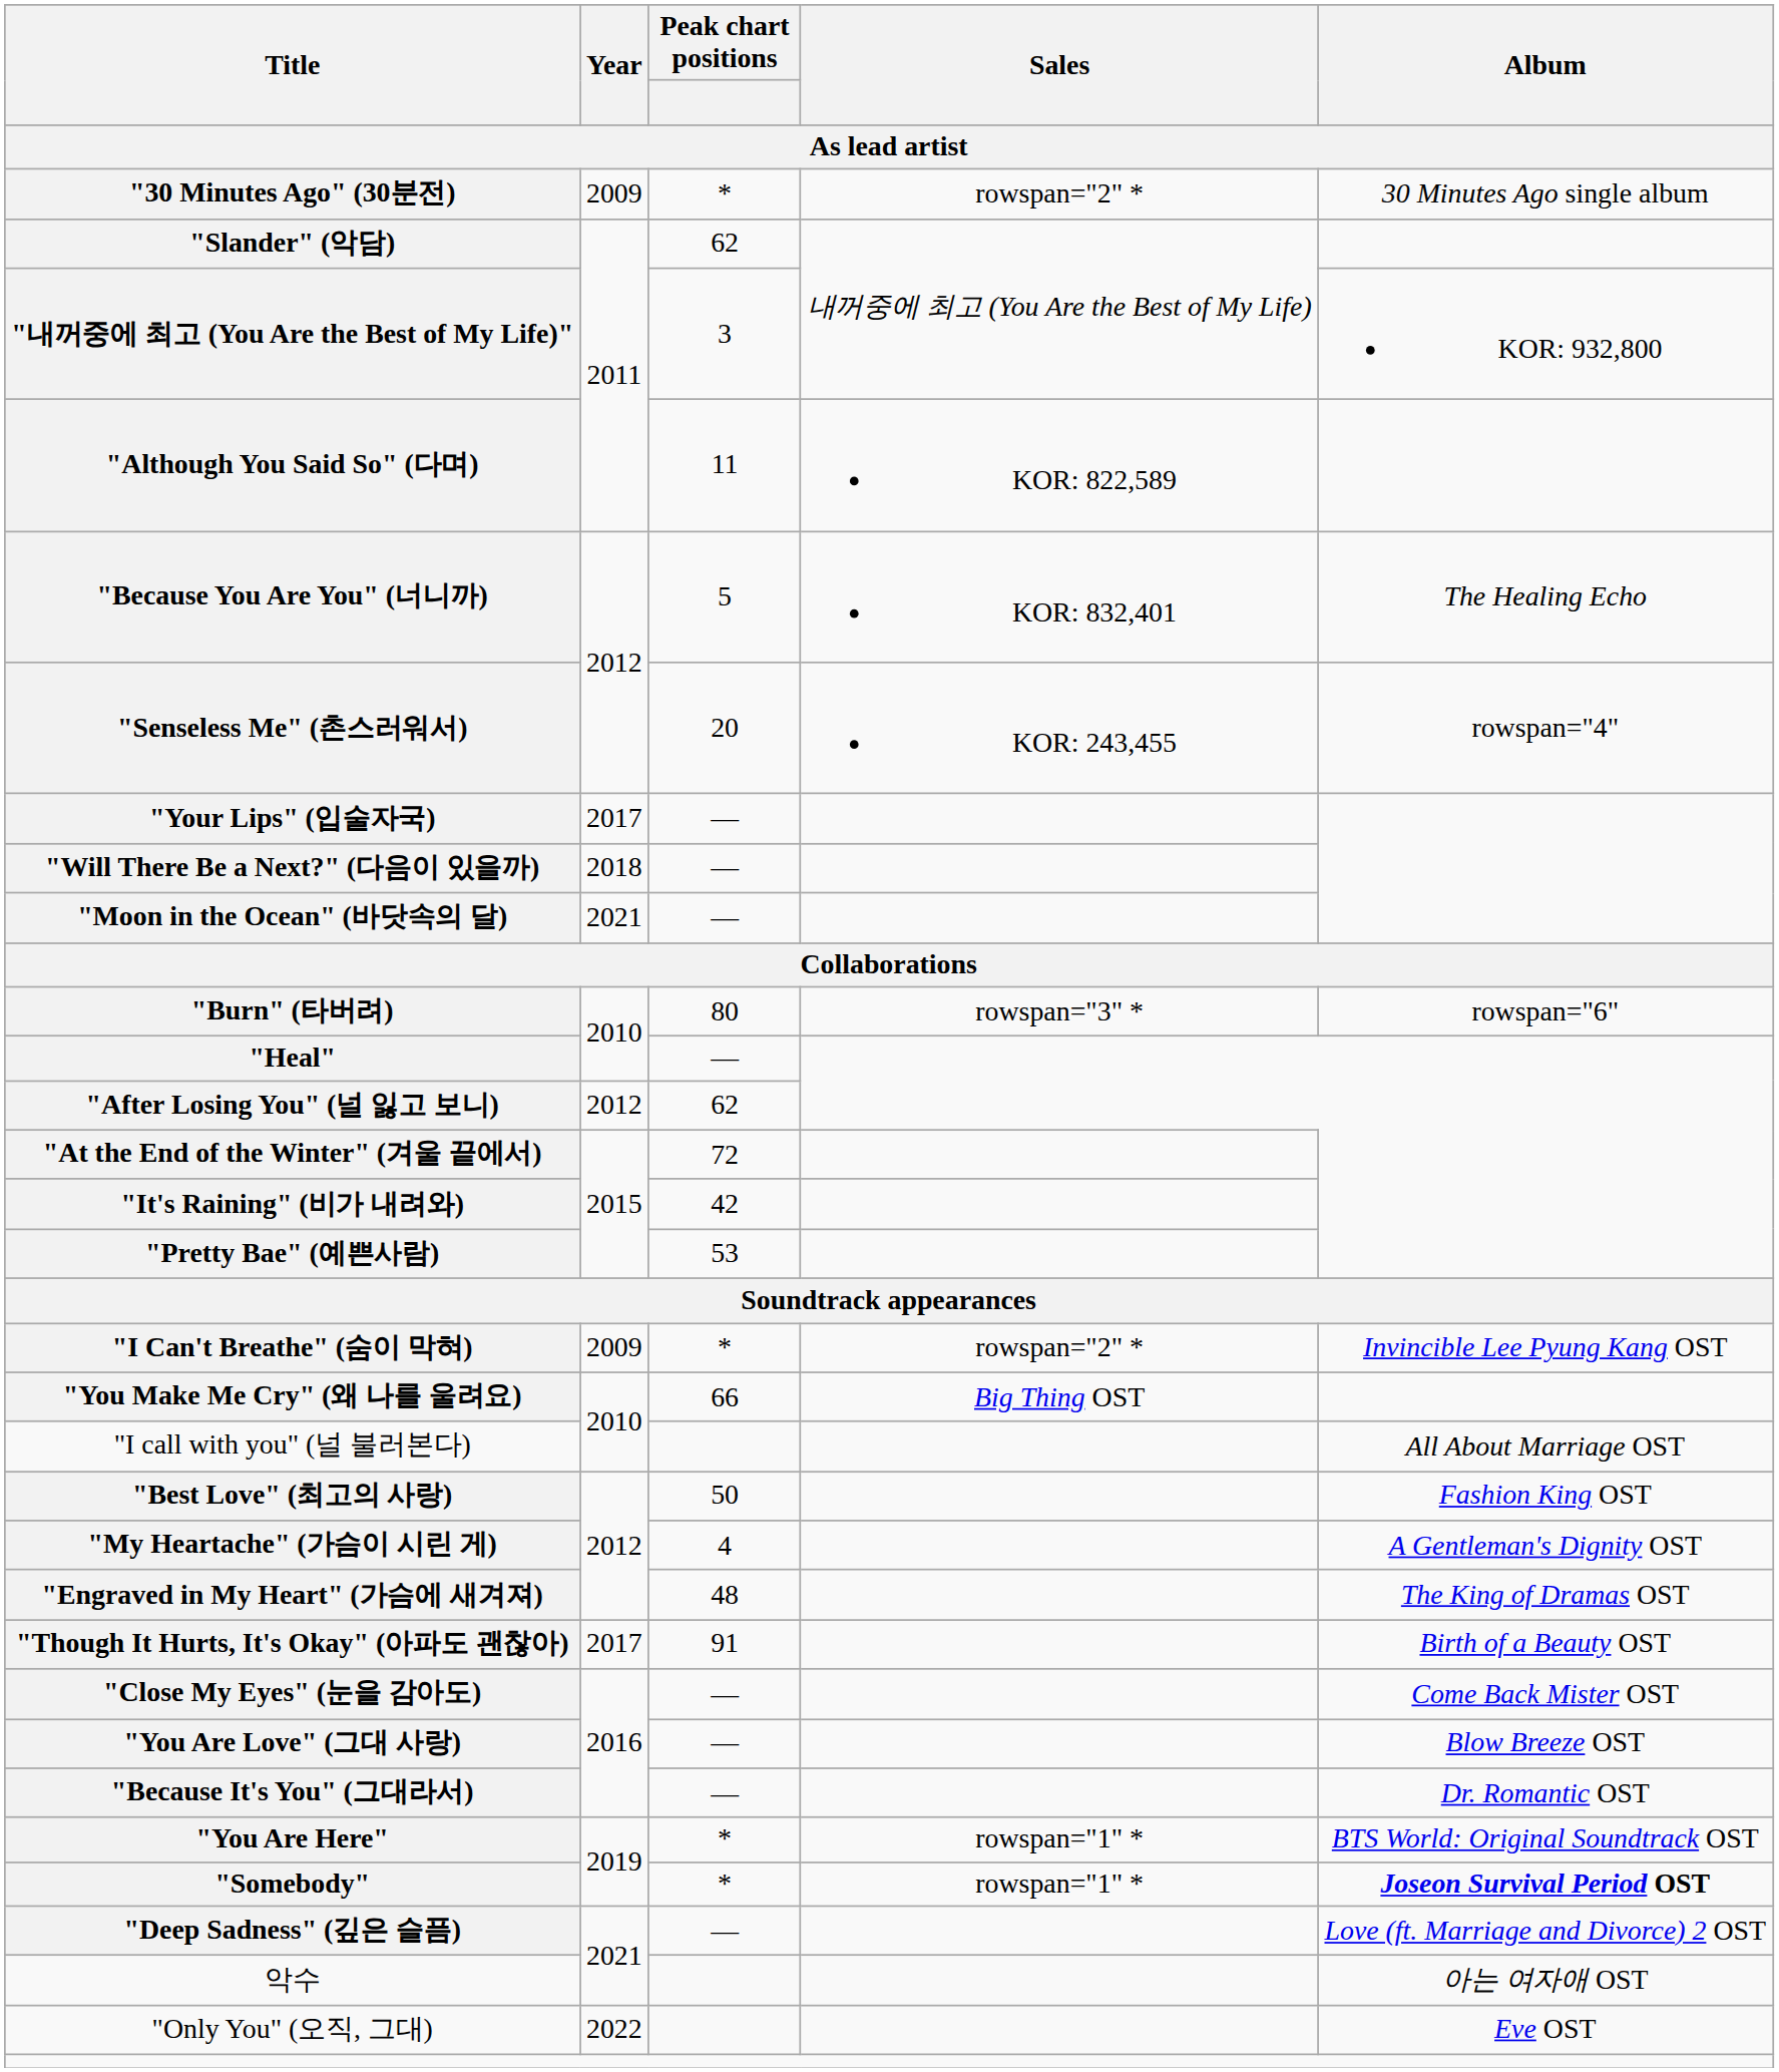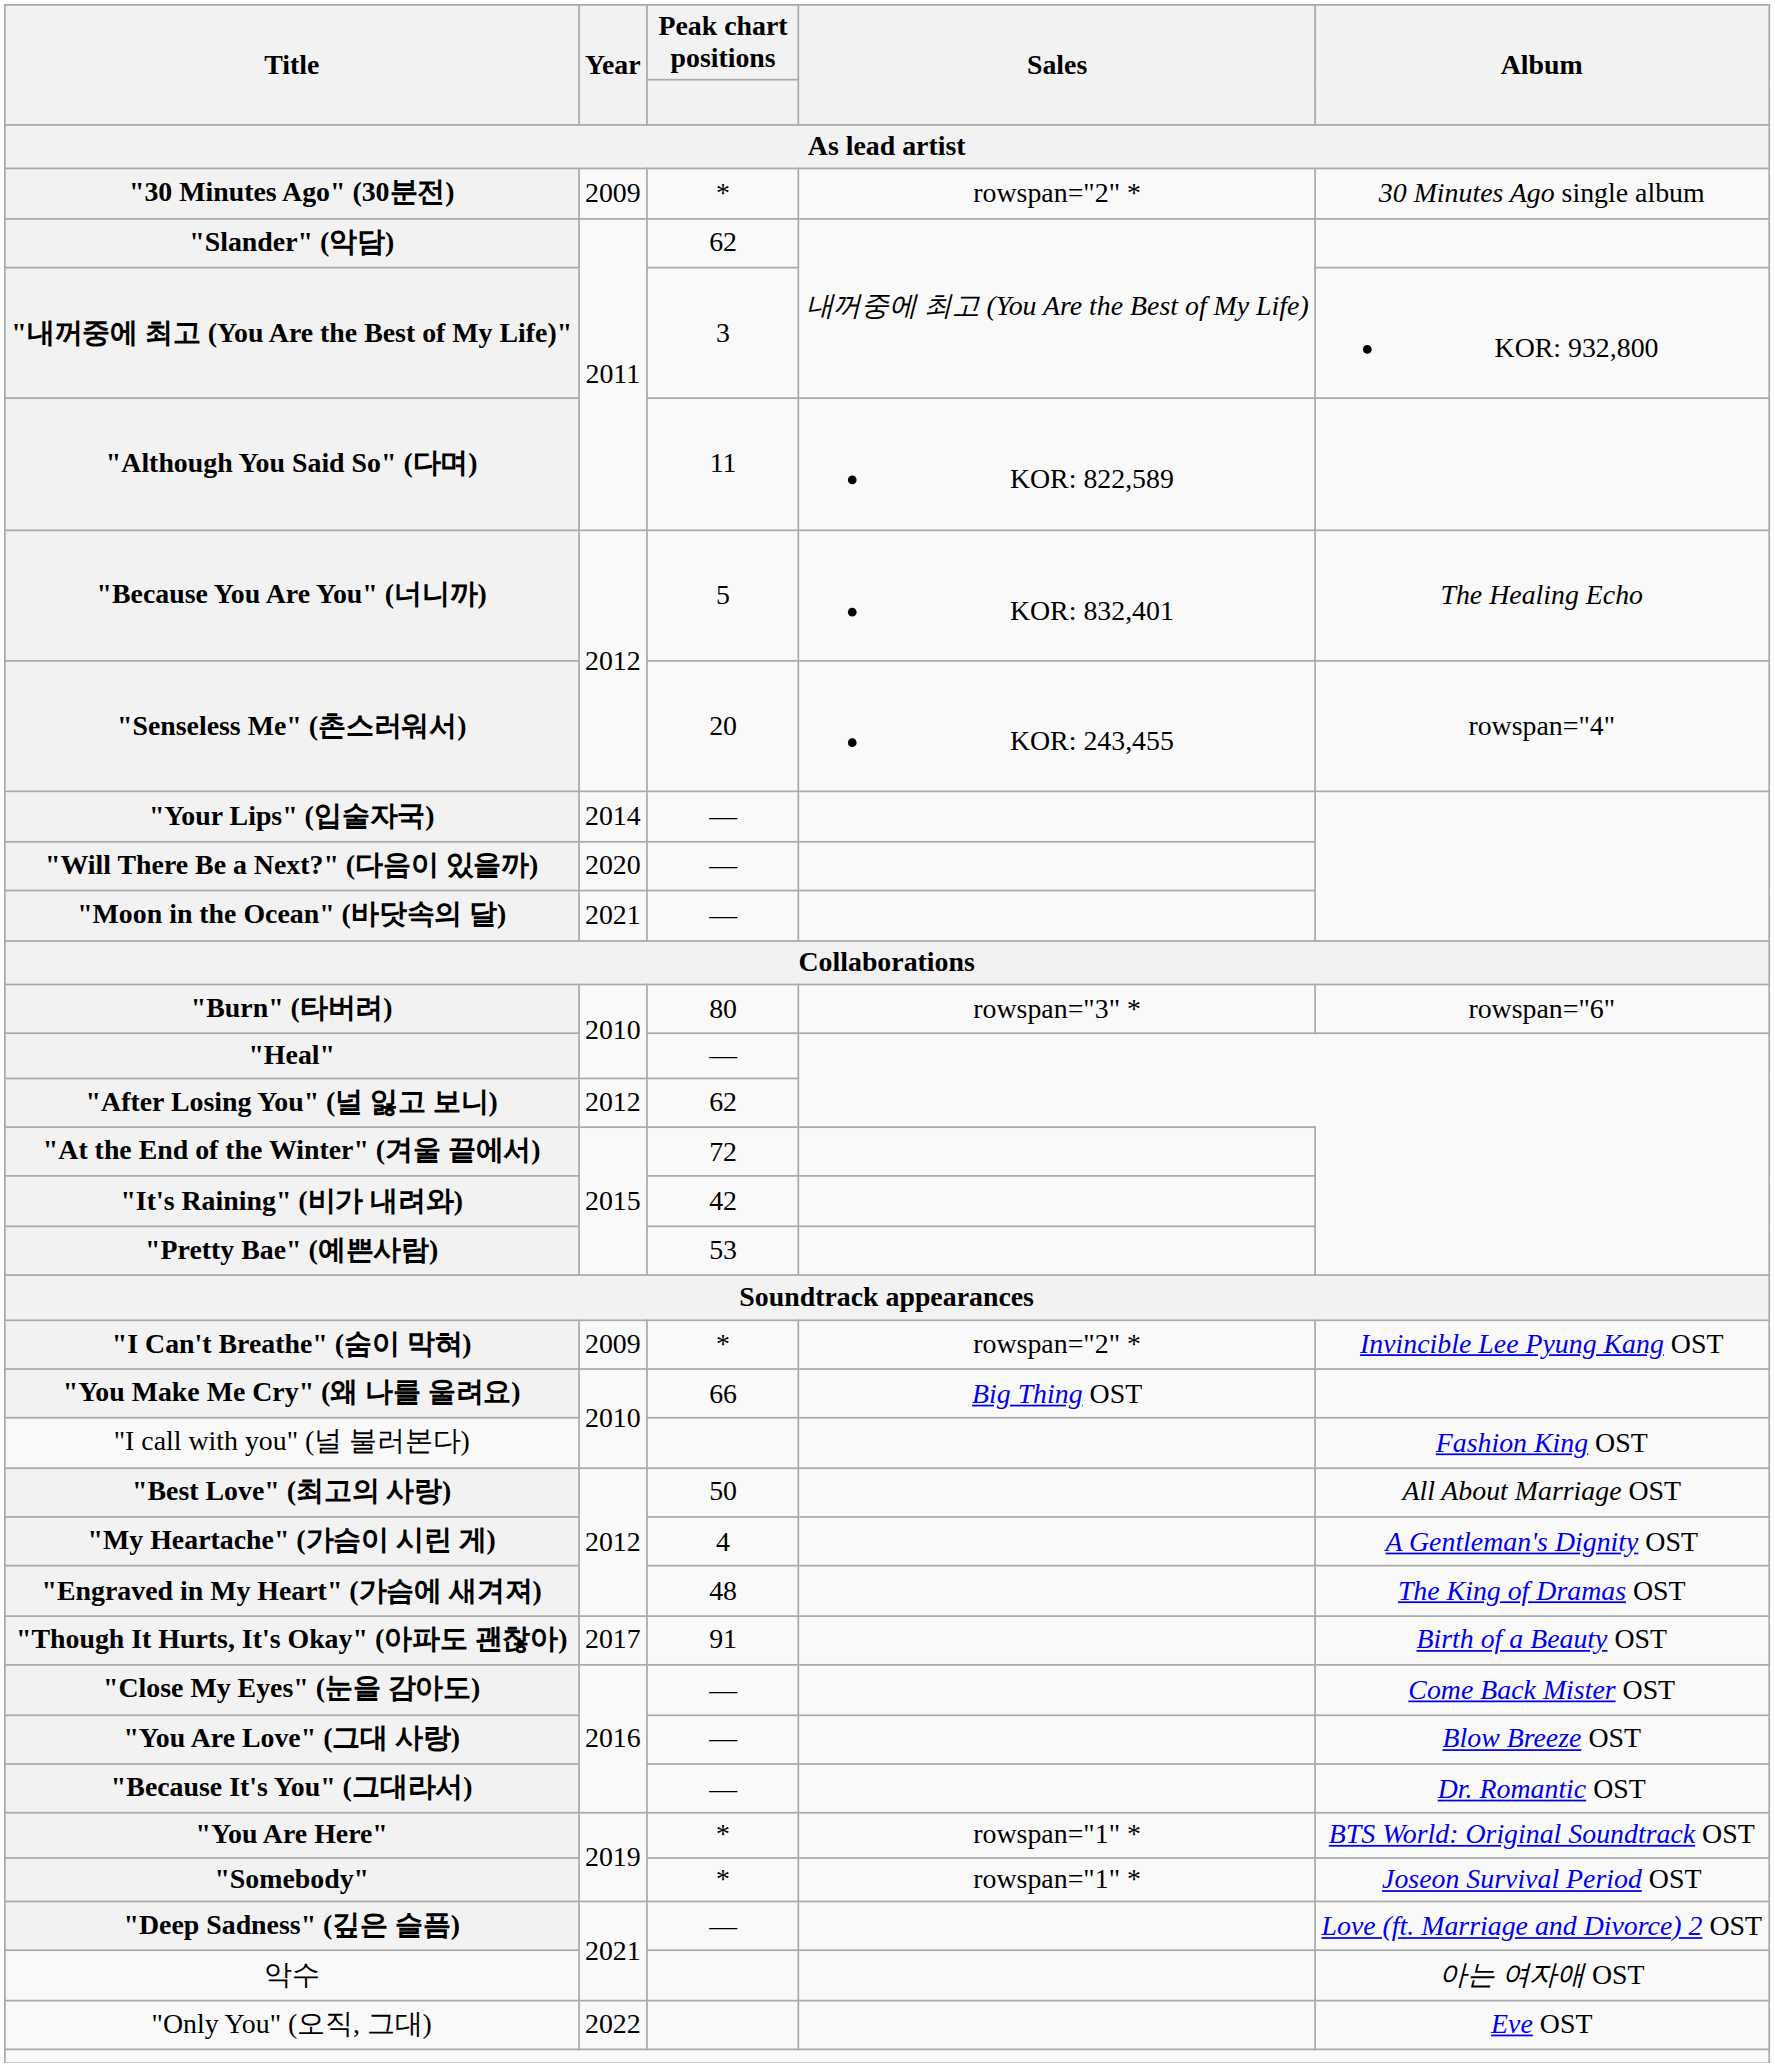 <table class="wikitable plainrowheaders" style="text-align:center;">
 <tr>
 <th scope="col" rowspan="2">Title</th>
 <th scope="col" rowspan="2">Year</th>
 <th scope="col" colspan="1" style="width:5em;">Peak chart positions</th>
 <th scope="col" rowspan="2">Sales</th>
 <th scope="col" rowspan="2">Album</th>
 </tr>
 <tr>
 <th><br></th>
 </tr>
 <tr>
 <th scope="col" colspan="5">As lead artist</th>
 </tr>
 <tr>
 <th scope="row">"30 Minutes Ago" (30분전)<br></th>
 <td>2009</td>
 <td>*</td>
 <td>rowspan="2" *</td>
 <td><em>30 Minutes Ago</em> single album</td>
 </tr>
 <tr>
 <th scope="row">"Slander" (악담)</th>
 <td rowspan="3">2011</td>
 <td>62</td>
 <td rowspan="2"><em>내꺼중에 최고 (You Are the Best of My Life)</em></td>
 </tr>
 <tr>
 <th scope="row">"내꺼중에 최고 (You Are the Best of My Life)"</th>
 <td>3</td>
 <td><br><ul><li>KOR: 932,800</li></ul></td>
 </tr>
 <tr>
 <th scope="row">"Although You Said So" (다며)<br></th>
 <td>11</td>
 <td><br><ul><li>KOR: 822,589</li></ul></td>
 <td></td>
 </tr>
 <tr>
 <th scope="row">"Because You Are You" (너니까)</th>
 <td rowspan="2">2012</td>
 <td>5</td>
 <td><br><ul><li>KOR: 832,401</li></ul></td>
 <td><em>The Healing Echo</em></td>
 </tr>
 <tr>
 <th scope="row">"Senseless Me" (촌스러워서)</th>
 <td>20</td>
 <td><br><ul><li>KOR: 243,455</li></ul></td>
 <td>rowspan="4" </td>
 </tr>
 <tr>
 <th scope="row">"Your Lips" (입술자국)</th>
-<td>2017</td>
+<td>2014</td>
 <td>—</td>
 <td></td>
 </tr>
 <tr>
 <th scope="row">"Will There Be a Next?" (다음이 있을까)</th>
-<td>2018</td>
+<td>2020</td>
 <td>—</td>
 <td></td>
 </tr>
 <tr>
 <th scope="row">"Moon in the Ocean" (바닷속의 달)</th>
 <td>2021</td>
 <td>—</td>
 <td></td>
 </tr>
 <tr>
 <th scope="col" colspan="5">Collaborations</th>
 </tr>
 <tr>
 <th scope="row">"Burn" (타버려)<br></th>
 <td rowspan="2">2010</td>
 <td>80</td>
 <td>rowspan="3" *</td>
 <td>rowspan="6" </td>
 </tr>
 <tr>
 <th scope="row">"Heal"<br></th>
 <td>—</td>
 </tr>
 <tr>
 <th scope="row">"After Losing You" (널 잃고 보니)<br></th>
 <td>2012</td>
 <td>62</td>
 </tr>
 <tr>
 <th scope="row">"At the End of the Winter" (겨울 끝에서)<br></th>
 <td rowspan="3">2015</td>
 <td>72</td>
 <td></td>
 </tr>
 <tr>
 <th scope="row">"It's Raining" (비가 내려와)<br></th>
 <td>42</td>
 <td></td>
 </tr>
 <tr>
 <th scope="row">"Pretty Bae" (예쁜사람)<br></th>
 <td>53</td>
 <td></td>
 </tr>
 <tr>
 <th scope="col" colspan="5">Soundtrack appearances</th>
 </tr>
 <tr>
 <th scope="row">"I Can't Breathe" (숨이 막혀)</th>
 <td>2009</td>
 <td>*</td>
 <td>rowspan="2" *</td>
 <td><em><a href='#'>Invincible Lee Pyung Kang</a></em> OST</td>
 </tr>
 <tr>
 <th scope="row">"You Make Me Cry" (왜 나를 울려요)</th>
 <td rowspan="2">2010</td>
 <td>66</td>
 <td><em><a href='#'>Big Thing</a></em> OST</td>
 </tr>
 <tr>
 <td>"I call with you" (널 불러본다)</td>
 <td></td>
 <td></td>
-<td><em>All About Marriage</em> OST</td>
+<td><em><a href='#'>Fashion King</a></em> OST</td>
 </tr>
 <tr>
 <th scope="row">"Best Love" (최고의 사랑)</th>
 <td rowspan="3">2012</td>
 <td>50</td>
 <td></td>
-<td><em><a href='#'>Fashion King</a></em> OST</td>
+<td><em>All About Marriage</em> OST</td>
 </tr>
 <tr>
 <th scope="row">"My Heartache" (가슴이 시린 게)</th>
 <td>4</td>
 <td></td>
 <td><em><a href='#'>A Gentleman's Dignity</a></em> OST</td>
 </tr>
 <tr>
 <th scope="row">"Engraved in My Heart" (가슴에 새겨져)</th>
 <td>48</td>
 <td></td>
 <td><em><a href='#'>The King of Dramas</a></em> OST</td>
 </tr>
 <tr>
 <th scope="row">"Though It Hurts, It's Okay" (아파도 괜찮아)</th>
 <td>2017</td>
 <td>91</td>
 <td></td>
 <td><em><a href='#'>Birth of a Beauty</a></em> OST</td>
 </tr>
 <tr>
 <th scope="row">"Close My Eyes" (눈을 감아도)</th>
 <td rowspan="3">2016</td>
 <td>—</td>
 <td></td>
 <td><em><a href='#'>Come Back Mister</a></em> OST</td>
 </tr>
 <tr>
 <th scope="row">"You Are Love" (그대 사랑)</th>
 <td>—</td>
 <td></td>
 <td><em><a href='#'>Blow Breeze</a></em> OST</td>
 </tr>
 <tr>
 <th scope="row">"Because It's You" (그대라서)</th>
 <td>—</td>
 <td></td>
 <td><em><a href='#'>Dr. Romantic</a></em> OST</td>
 </tr>
 <tr>
 <th scope="row">"You Are Here"</th>
 <td rowspan="2">2019</td>
 <td>*</td>
 <td>rowspan="1" *</td>
 <td><em><a href='#'>BTS World: Original Soundtrack</a></em> OST</td>
 </tr>
 <tr>
 <th scope="row">"Somebody"</th>
 <td>*</td>
 <td>rowspan="1" *</td>
-<td><strong><em><a href='#'>Joseon Survival Period</a></em> OST</strong></td>
+<td><em><a href='#'>Joseon Survival Period</a></em> OST</td>
 </tr>
 <tr>
 <th scope="row">"Deep Sadness" (깊은 슬픔)</th>
 <td rowspan="2">2021</td>
 <td>—</td>
 <td></td>
 <td><em><a href='#'>Love (ft. Marriage and Divorce) 2</a></em> OST</td>
 </tr>
 <tr>
 <td>악수</td>
 <td></td>
 <td></td>
 <td><em>아는 여자애</em>  OST</td>
 </tr>
 <tr>
 <td>"Only You" (오직, 그대)</td>
 <td>2022</td>
 <td></td>
 <td></td>
 <td><a href='#'><em>Eve</em></a> OST</td>
 </tr>
 <tr>
 <td colspan="5" align="center"></td>
 </tr>
 </table>
